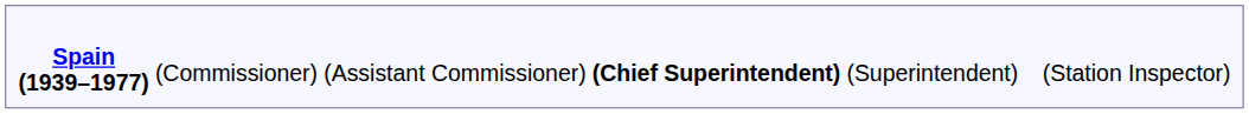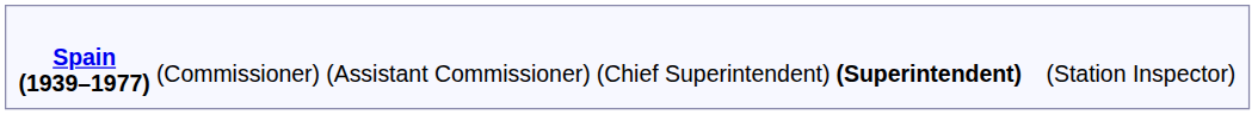 <table style="border:1px solid #8888aa; background-color:#f7f8ff; padding:5px; font-size:95%; margin: 0px 12px 12px 0px;">
 <tr>
 <td align="center" rowspan=2><strong> <br><a href='#'>Spain</a></strong><br><strong>(1939–1977)</strong></td>
 <td align="center" colspan=1></td>
 <td align="center" colspan=1></td>
 <td align="center" colspan=1></td>
 <td align="center" colspan=1></td>
 <td align="center" colspan=1></td>
 <td align="center" colspan=1></td>
 <td align="center" colspan=1></td>
 <td align="center" colspan=1></td>
 </tr>
 <tr rowspan="2">
 <td align="center" colspan=1><br> (Commissioner)</td>
 <td align="center" colspan=1><br> (Assistant Commissioner)</td>
-<td align="center" colspan=1><strong><br> (Chief Superintendent)</strong></td>
-<td align="center" colspan=1><br> (Superintendent)</td>
+<td align="center" colspan=1><br> (Chief Superintendent)</td>
+<td align="center" colspan=1><strong><br> (Superintendent)</strong></td>
 <td align="center" colspan=1></td>
 <td align="center" colspan=1></td>
 <td align="center" colspan=1></td>
 <td align="center" colspan=1><br> (Station Inspector)</td>
 </tr>
 </table>
